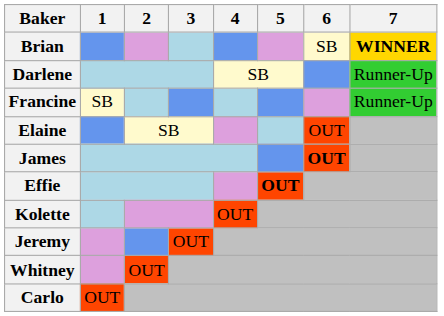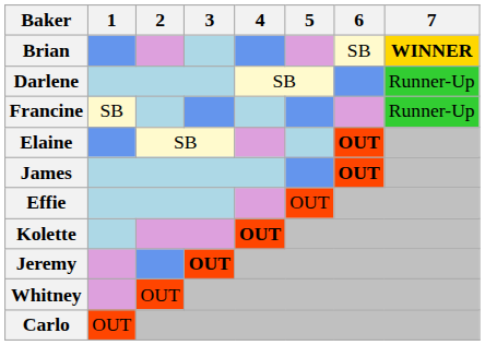 <table class="wikitable" style="text-align:center">
 <tr>
 <th scope="col">Baker</th>
 <th scope="col">1</th>
 <th scope="col">2</th>
 <th scope="col">3</th>
 <th scope="col">4</th>
 <th scope="col">5</th>
 <th scope="col">6</th>
 <th scope="col">7</th>
 </tr>
 <tr>
 <th scope="row">Brian</th>
 <td bgcolor="cornflowerblue"></td>
 <td bgcolor="Plum"></td>
 <td bgcolor="Lightblue"></td>
 <td bgcolor="cornflowerblue"></td>
 <td bgcolor="Plum"></td>
 <td bgcolor="LemonChiffon">SB</td>
 <td bgcolor="Gold"><strong>WINNER</strong></td>
 </tr>
 <tr>
 <th scope="row">Darlene</th>
 <td colspan=3 bgcolor="Lightblue"></td>
 <td colspan=2 bgcolor="LemonChiffon">SB</td>
 <td bgcolor="cornflowerblue"></td>
 <td bgcolor="Limegreen">Runner-Up</td>
 </tr>
 <tr>
 <th scope="row">Francine</th>
 <td bgcolor="LemonChiffon">SB</td>
 <td bgcolor="Lightblue"></td>
 <td bgcolor="cornflowerblue"></td>
 <td bgcolor="Lightblue"></td>
 <td bgcolor="cornflowerblue"></td>
 <td bgcolor="Plum"></td>
 <td bgcolor="Limegreen">Runner-Up</td>
 </tr>
 <tr>
 <th scope="row">Elaine</th>
 <td bgcolor="cornflowerblue"></td>
 <td colspan=2 bgcolor="LemonChiffon">SB</td>
 <td bgcolor="Plum"></td>
 <td bgcolor="Lightblue"></td>
-<td bgcolor="OrangeRed">OUT</td>
+<td bgcolor="OrangeRed"><strong>OUT</strong></td>
 <td colspan="2" style="background:silver;"></td>
 </tr>
 <tr>
 <th scope="row">James</th>
 <td colspan=4 bgcolor="Lightblue"></td>
 <td bgcolor="cornflowerblue"></td>
 <td bgcolor="OrangeRed"><strong>OUT</strong></td>
 <td colspan="2" style="background:silver;"></td>
 </tr>
 <tr>
 <th scope="row">Effie</th>
 <td colspan=3 bgcolor="Lightblue"></td>
 <td bgcolor="Plum"></td>
-<td bgcolor="OrangeRed"><strong>OUT</strong></td>
+<td bgcolor="OrangeRed">OUT</td>
 <td colspan="3" style="background:silver;"></td>
 </tr>
 <tr>
 <th scope="row">Kolette</th>
 <td bgcolor="Lightblue"></td>
 <td colspan=2 bgcolor="Plum"></td>
-<td bgcolor="OrangeRed">OUT</td>
+<td bgcolor="OrangeRed"><strong>OUT</strong></td>
 <td colspan="4" style="background:silver;"></td>
 </tr>
 <tr>
 <th scope="row">Jeremy</th>
 <td bgcolor="Plum"></td>
 <td bgcolor="cornflowerblue"></td>
-<td bgcolor="OrangeRed">OUT</td>
+<td bgcolor="OrangeRed"><strong>OUT</strong></td>
 <td colspan="5" style="background:silver;"></td>
 </tr>
 <tr>
 <th scope="row">Whitney</th>
 <td bgcolor="Plum"></td>
 <td bgcolor="OrangeRed">OUT</td>
 <td colspan="6" style="background:silver;"></td>
 </tr>
 <tr>
 <th scope="row">Carlo</th>
 <td bgcolor="OrangeRed">OUT</td>
 <td colspan="7" style="background:silver;"></td>
 </tr>
 </table>
